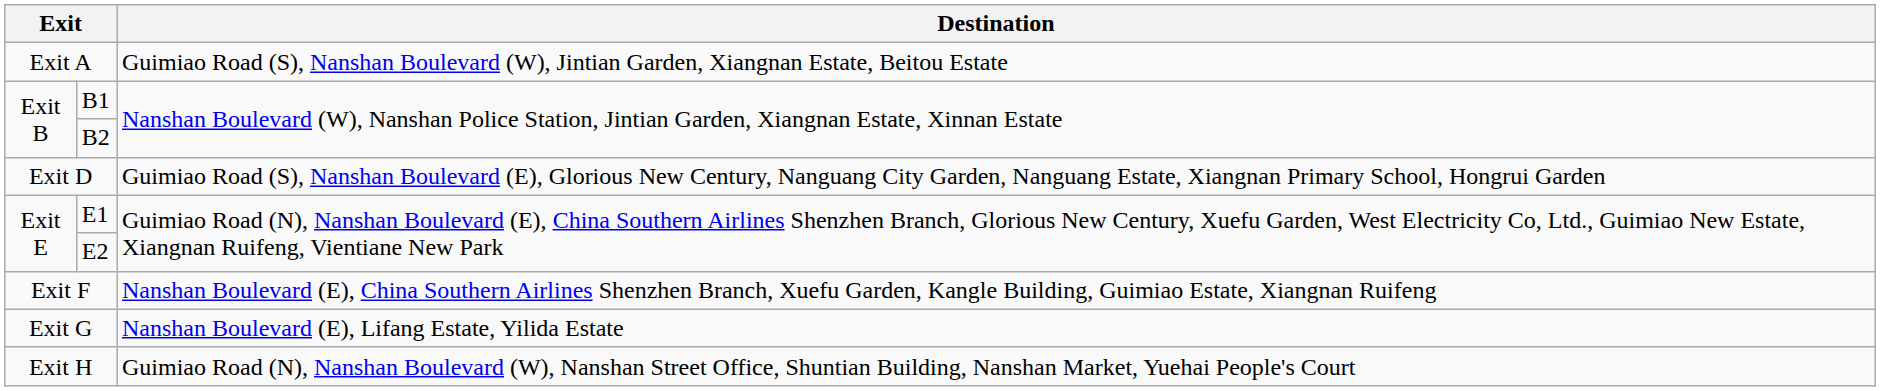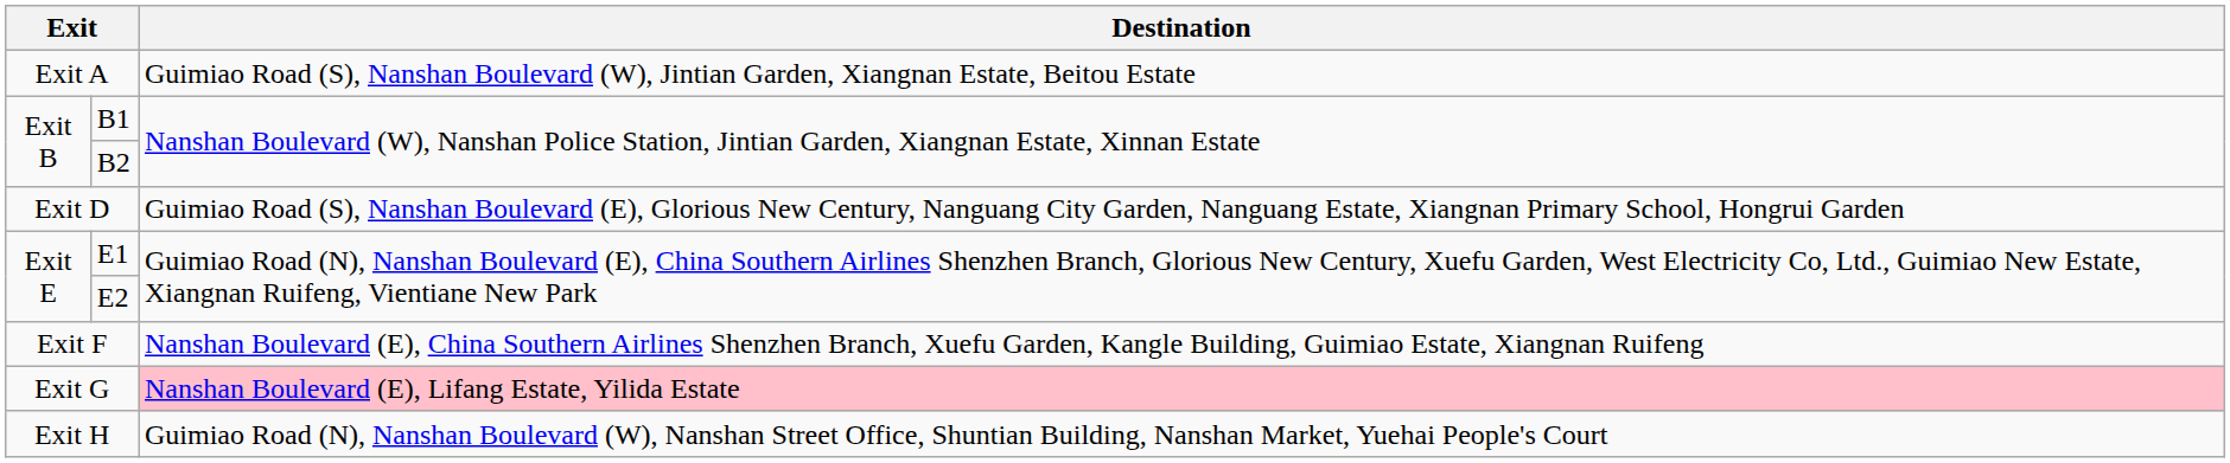 <table class="wikitable">
 <tr>
 <th colspan="2" style="width:70px">Exit</th>
 <th>Destination</th>
 </tr>
 <tr>
 <td colspan="2" align="center">Exit A</td>
 <td>Guimiao Road (S), <a href='#'>Nanshan Boulevard</a> (W), Jintian Garden, Xiangnan Estate, Beitou Estate</td>
 </tr>
 <tr>
 <td rowspan="2" align="center">Exit B</td>
 <td>B1</td>
 <td rowspan=2><a href='#'>Nanshan Boulevard</a> (W), Nanshan Police Station, Jintian Garden, Xiangnan Estate, Xinnan Estate</td>
 </tr>
 <tr>
 <td>B2</td>
 </tr>
 <tr>
 <td colspan="2" align="center">Exit D</td>
 <td>Guimiao Road (S), <a href='#'>Nanshan Boulevard</a> (E), Glorious New Century, Nanguang City Garden, Nanguang Estate, Xiangnan Primary School, Hongrui Garden</td>
 </tr>
 <tr>
 <td rowspan="2" align="center">Exit E</td>
 <td>E1</td>
 <td rowspan="2">Guimiao Road (N), <a href='#'>Nanshan Boulevard</a> (E), <a href='#'>China Southern Airlines</a> Shenzhen Branch, Glorious New Century, Xuefu Garden, West Electricity Co, Ltd., Guimiao New Estate, Xiangnan Ruifeng, Vientiane New Park</td>
 </tr>
 <tr>
 <td>E2</td>
 </tr>
 <tr>
 <td colspan="2" align="center">Exit F</td>
 <td><a href='#'>Nanshan Boulevard</a> (E), <a href='#'>China Southern Airlines</a> Shenzhen Branch, Xuefu Garden, Kangle Building, Guimiao Estate, Xiangnan Ruifeng</td>
 </tr>
 <tr>
 <td colspan="2" align="center">Exit G</td>
-<td><a href='#'>Nanshan Boulevard</a> (E), Lifang Estate, Yilida Estate</td>
+<td style="background: pink;"><a href='#'>Nanshan Boulevard</a> (E), Lifang Estate, Yilida Estate</td>
 </tr>
 <tr>
 <td colspan="2" align="center">Exit H</td>
 <td>Guimiao Road (N), <a href='#'>Nanshan Boulevard</a> (W), Nanshan Street Office, Shuntian Building, Nanshan Market, Yuehai People's Court</td>
 </tr>
 </table>
